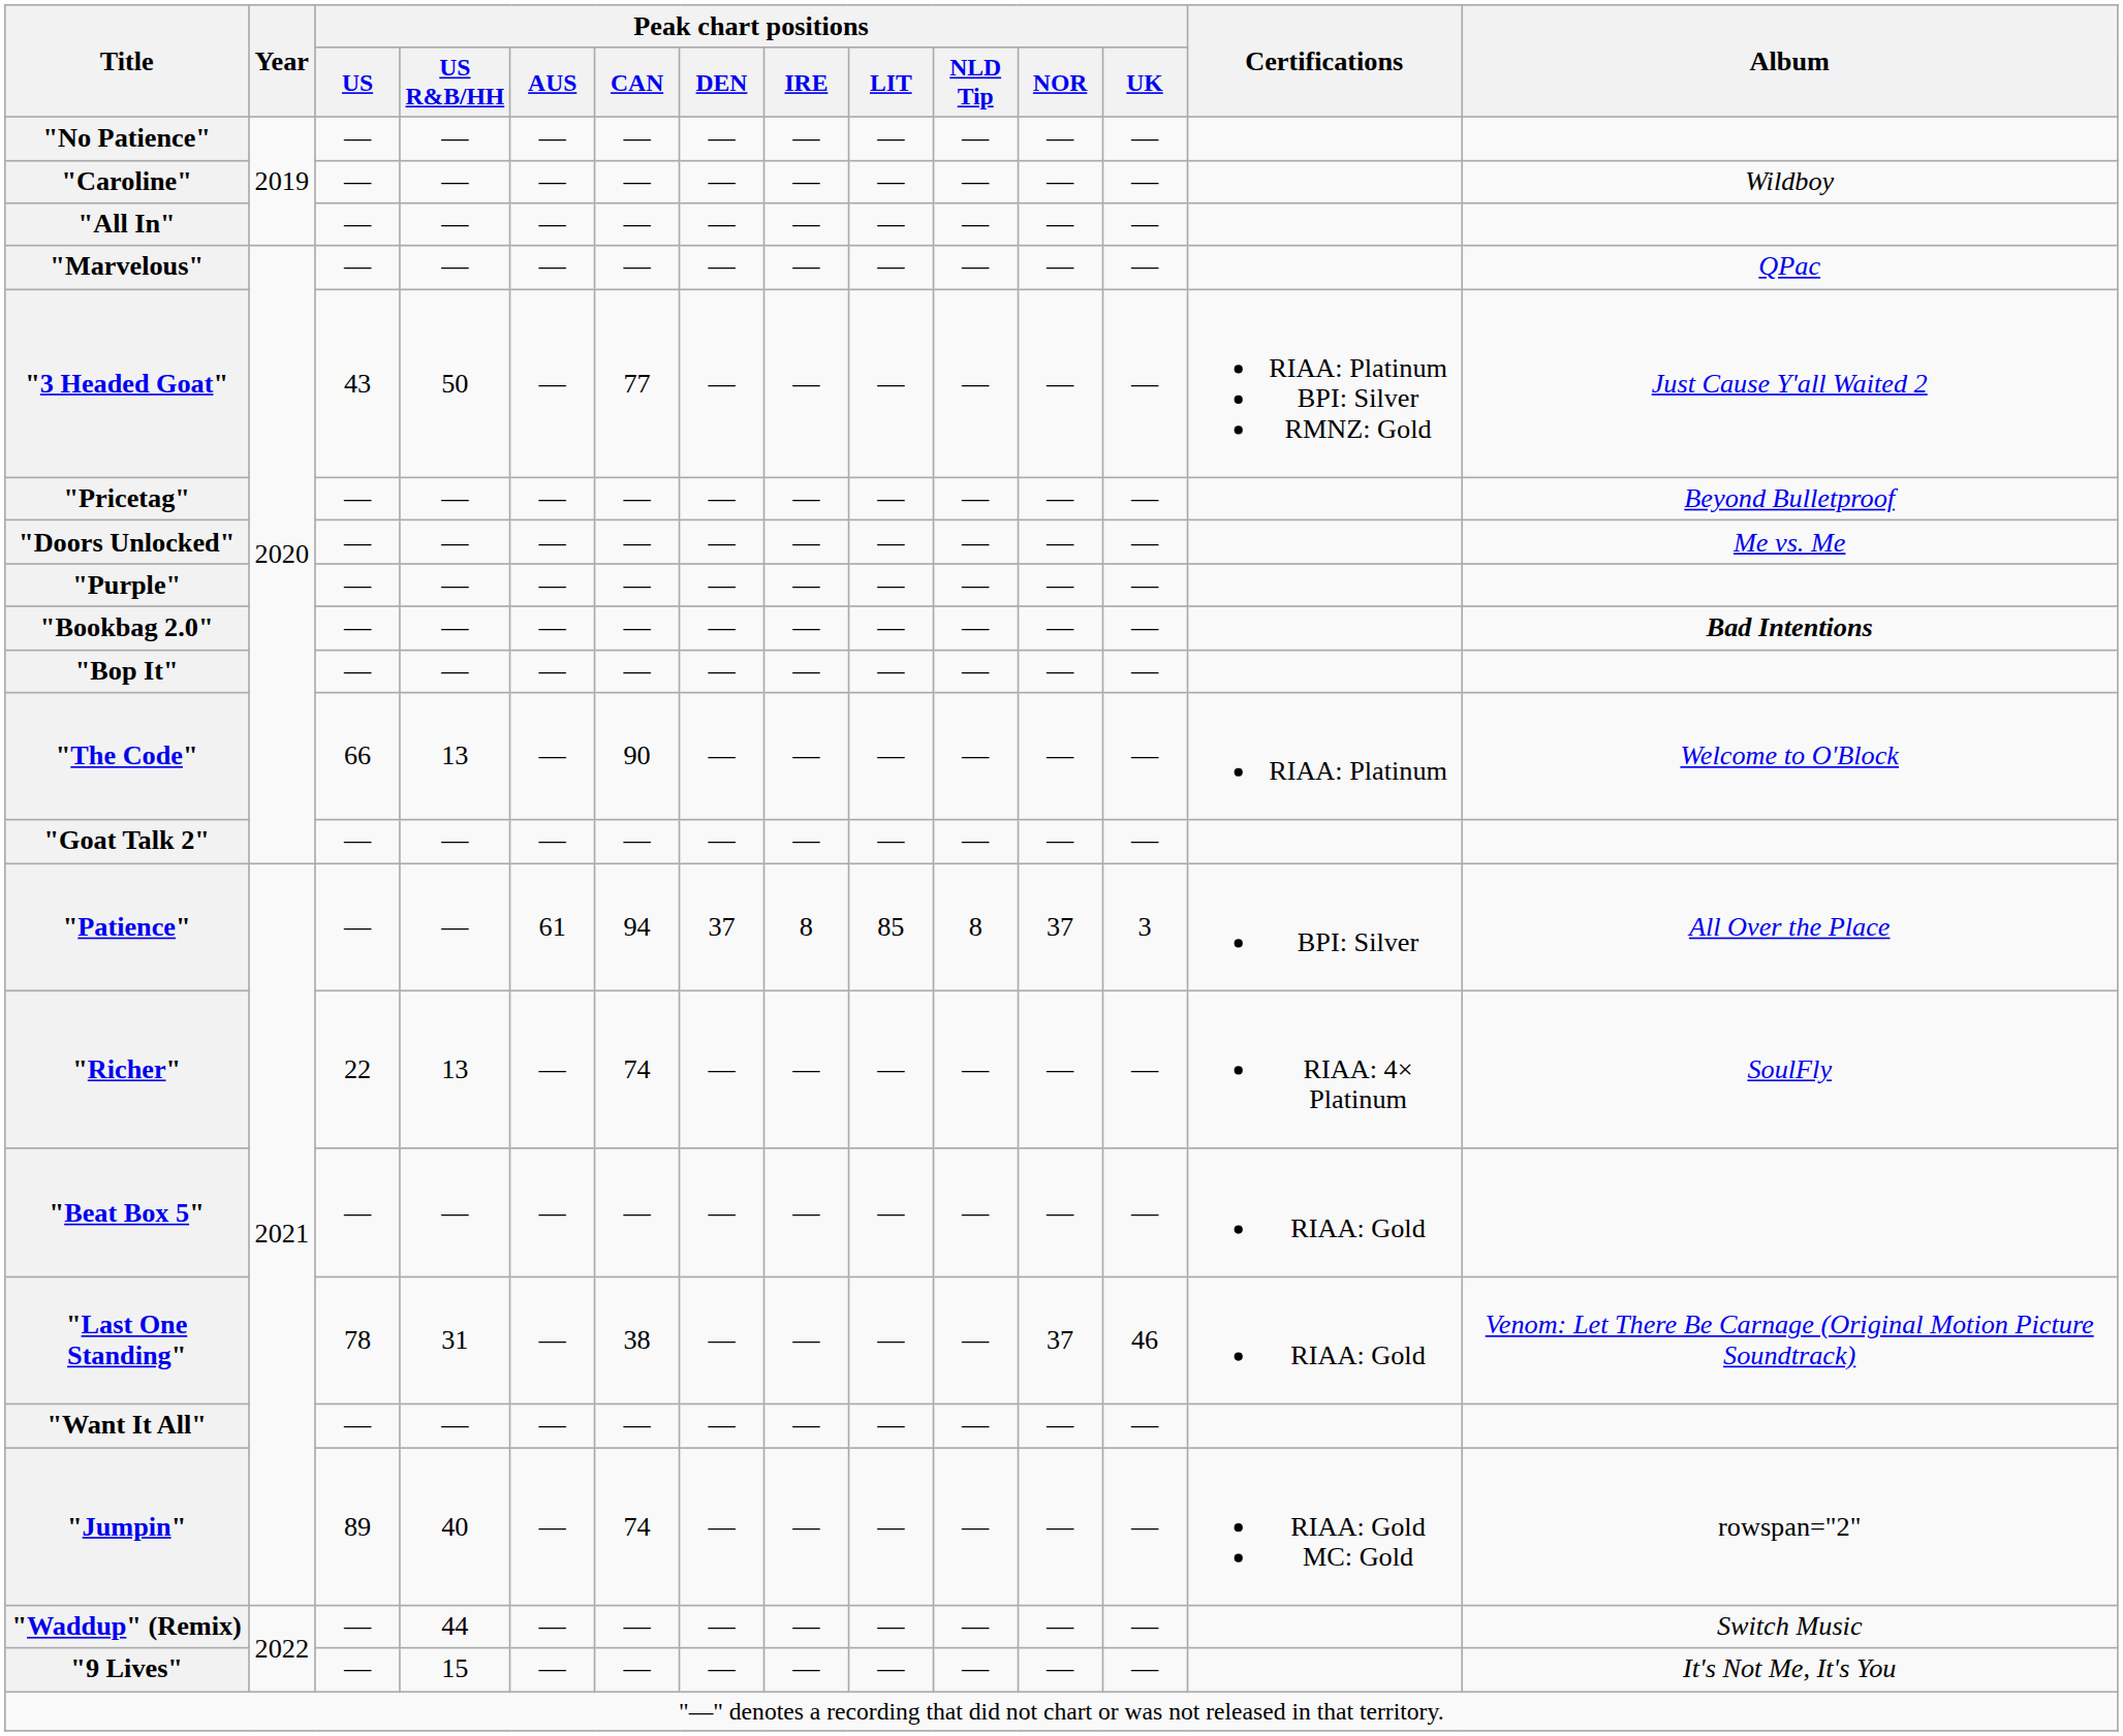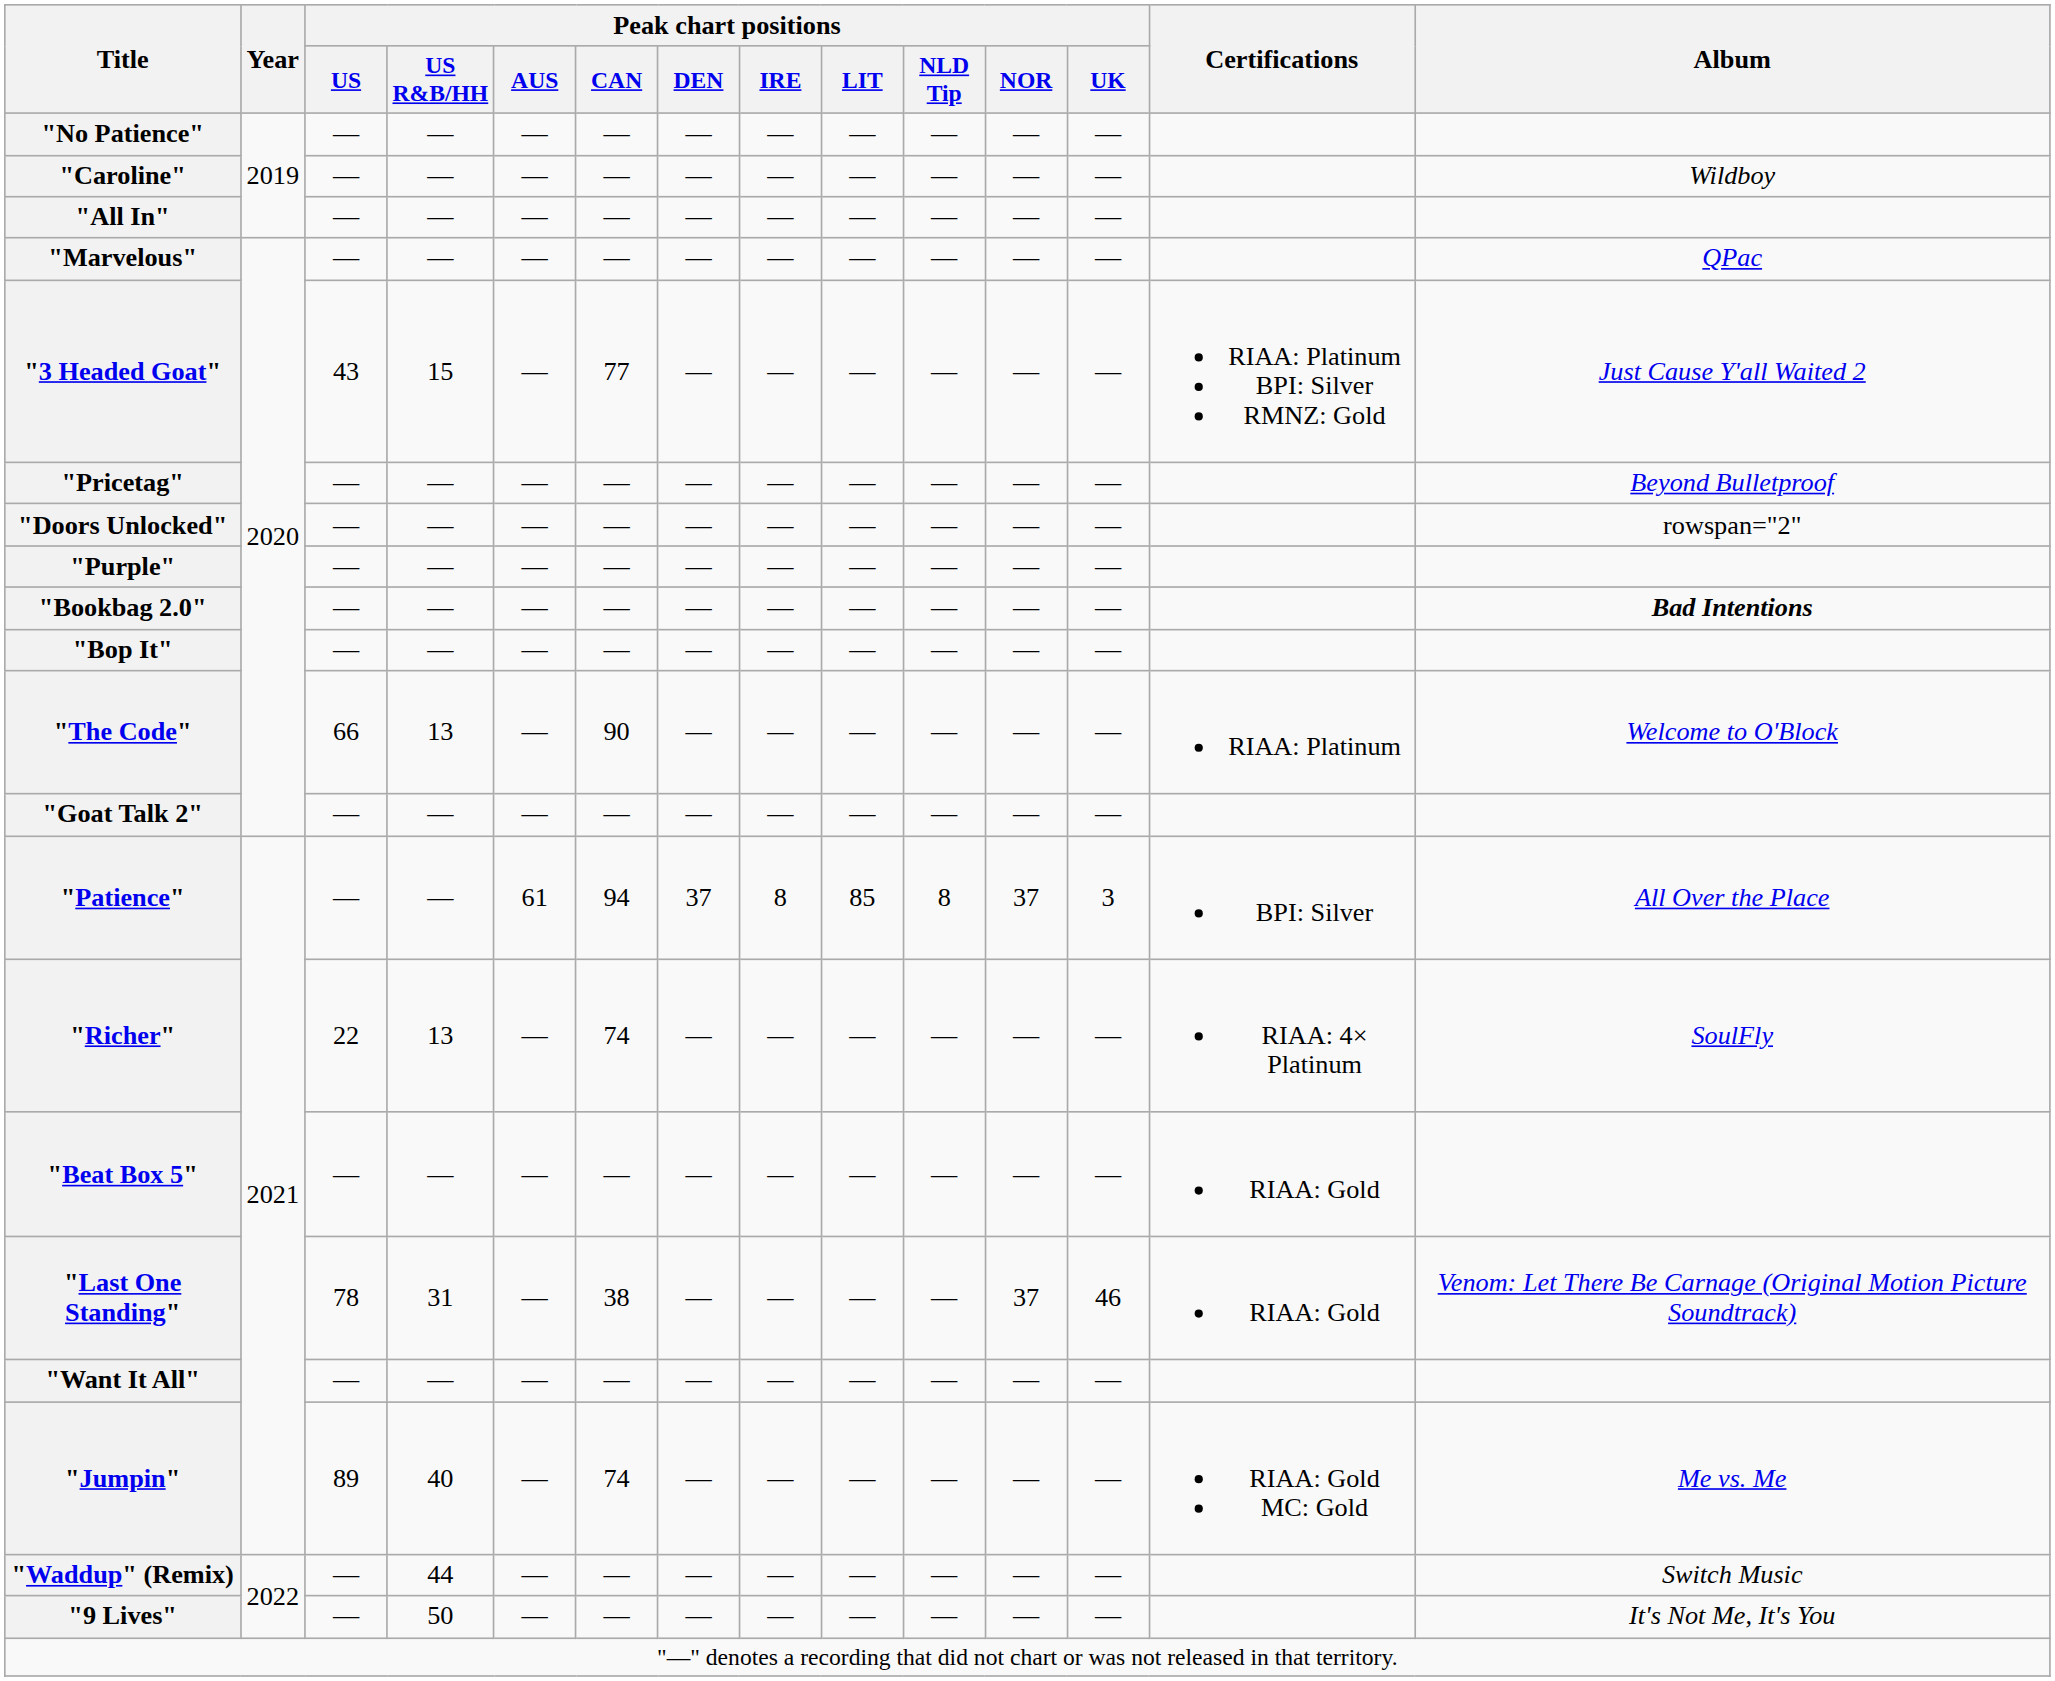 <table class="wikitable plainrowheaders" style="text-align:center;">
 <tr>
 <th scope="col" rowspan="2">Title</th>
 <th scope="col" rowspan="2">Year</th>
 <th colspan="10">Peak chart positions</th>
 <th rowspan="2">Certifications</th>
 <th scope="col" rowspan="2">Album</th>
 </tr>
 <tr>
 <th scope="col" style="width:3em;font-size:90%;"><a href='#'>US</a><br></th>
 <th scope="col" style="width:3em;font-size:90%;"><a href='#'>US<br>R&B/HH</a><br></th>
 <th scope="col" style="width:3em;font-size:90%;"><a href='#'>AUS</a><br></th>
 <th scope="col" style="width:3em;font-size:90%;"><a href='#'>CAN</a><br></th>
 <th scope="col" style="width:3em;font-size:90%;"><a href='#'>DEN</a><br></th>
 <th scope="col" style="width:3em;font-size:90%;"><a href='#'>IRE</a><br></th>
 <th scope="col" style="width:3em;font-size:90%;"><a href='#'>LIT</a><br></th>
 <th scope="col" style="width:3em;font-size:90%;"><a href='#'>NLD<br>Tip</a><br></th>
 <th scope="col" style="width:3em;font-size:90%;"><a href='#'>NOR</a><br></th>
 <th scope="col" style="width:3em;font-size:90%;"><a href='#'>UK</a><br></th>
 </tr>
 <tr>
 <th scope="row">"No Patience"<br></th>
 <td rowspan="3">2019</td>
 <td>—</td>
 <td>—</td>
 <td>—</td>
 <td>—</td>
 <td>—</td>
 <td>—</td>
 <td>—</td>
 <td>—</td>
 <td>—</td>
 <td>—</td>
 <td></td>
 <td></td>
 </tr>
 <tr>
 <th scope="row">"Caroline"<br></th>
 <td>—</td>
 <td>—</td>
 <td>—</td>
 <td>—</td>
 <td>—</td>
 <td>—</td>
 <td>—</td>
 <td>—</td>
 <td>—</td>
 <td>—</td>
 <td></td>
 <td><em>Wildboy</em></td>
 </tr>
 <tr>
 <th scope="row">"All In"<br></th>
 <td>—</td>
 <td>—</td>
 <td>—</td>
 <td>—</td>
 <td>—</td>
 <td>—</td>
 <td>—</td>
 <td>—</td>
 <td>—</td>
 <td>—</td>
 <td></td>
 <td></td>
 </tr>
 <tr>
 <th scope="row">"Marvelous"<br></th>
 <td rowspan="9">2020</td>
 <td>—</td>
 <td>—</td>
 <td>—</td>
 <td>—</td>
 <td>—</td>
 <td>—</td>
 <td>—</td>
 <td>—</td>
 <td>—</td>
 <td>—</td>
 <td></td>
 <td><em><a href='#'>QPac</a></em></td>
 </tr>
 <tr>
 <th scope="row">"<a href='#'>3 Headed Goat</a>"<br></th>
 <td>43</td>
-<td>50</td>
+<td>15</td>
 <td>—</td>
 <td>77</td>
 <td>—</td>
 <td>—</td>
 <td>—</td>
 <td>—</td>
 <td>—</td>
 <td>—</td>
 <td><br><ul><li>RIAA: Platinum</li><li>BPI: Silver</li><li>RMNZ: Gold</li></ul></td>
 <td><em><a href='#'>Just Cause Y'all Waited 2</a></em></td>
 </tr>
 <tr>
 <th scope="row">"Pricetag"<br></th>
 <td>—</td>
 <td>—</td>
 <td>—</td>
 <td>—</td>
 <td>—</td>
 <td>—</td>
 <td>—</td>
 <td>—</td>
 <td>—</td>
 <td>—</td>
 <td></td>
 <td><em><a href='#'>Beyond Bulletproof</a></em></td>
 </tr>
 <tr>
 <th scope="row">"Doors Unlocked"<br></th>
 <td>—</td>
 <td>—</td>
 <td>—</td>
 <td>—</td>
 <td>—</td>
 <td>—</td>
 <td>—</td>
 <td>—</td>
 <td>—</td>
 <td>—</td>
 <td></td>
-<td><em><a href='#'>Me vs. Me</a></em></td>
+<td>rowspan="2" </td>
 </tr>
 <tr>
 <th scope="row">"Purple"<br></th>
 <td>—</td>
 <td>—</td>
 <td>—</td>
 <td>—</td>
 <td>—</td>
 <td>—</td>
 <td>—</td>
 <td>—</td>
 <td>—</td>
 <td>—</td>
 <td></td>
 </tr>
 <tr>
 <th scope="row">"Bookbag 2.0"<br></th>
 <td>—</td>
 <td>—</td>
 <td>—</td>
 <td>—</td>
 <td>—</td>
 <td>—</td>
 <td>—</td>
 <td>—</td>
 <td>—</td>
 <td>—</td>
 <td></td>
 <td><strong><em>Bad Intentions</em></strong></td>
 </tr>
 <tr>
 <th scope="row">"Bop It"<br></th>
 <td>—</td>
 <td>—</td>
 <td>—</td>
 <td>—</td>
 <td>—</td>
 <td>—</td>
 <td>—</td>
 <td>—</td>
 <td>—</td>
 <td>—</td>
 <td></td>
 <td></td>
 </tr>
 <tr>
 <th scope="row">"<a href='#'>The Code</a>"<br></th>
 <td>66</td>
 <td>13</td>
 <td>—</td>
 <td>90</td>
 <td>—</td>
 <td>—</td>
 <td>—</td>
 <td>—</td>
 <td>—</td>
 <td>—</td>
 <td><br><ul><li>RIAA: Platinum</li></ul></td>
 <td><em><a href='#'>Welcome to O'Block</a></em></td>
 </tr>
 <tr>
 <th scope="row">"Goat Talk 2"<br></th>
 <td>—</td>
 <td>—</td>
 <td>—</td>
 <td>—</td>
 <td>—</td>
 <td>—</td>
 <td>—</td>
 <td>—</td>
 <td>—</td>
 <td>—</td>
 <td></td>
 <td></td>
 </tr>
 <tr>
 <th scope="row">"<a href='#'>Patience</a>"<br></th>
 <td rowspan="6">2021</td>
 <td>—</td>
 <td>—</td>
 <td>61</td>
 <td>94</td>
 <td>37</td>
 <td>8</td>
 <td>85</td>
 <td>8</td>
 <td>37</td>
 <td>3</td>
 <td><br><ul><li>BPI: Silver</li></ul></td>
 <td><em><a href='#'>All Over the Place</a></em></td>
 </tr>
 <tr>
 <th scope="row">"<a href='#'>Richer</a>"<br></th>
 <td>22</td>
 <td>13</td>
 <td>—</td>
 <td>74</td>
 <td>—</td>
 <td>—</td>
 <td>—</td>
 <td>—</td>
 <td>—</td>
 <td>—</td>
 <td><br><ul><li>RIAA: 4× Platinum</li></ul></td>
 <td><em><a href='#'>SoulFly</a></em></td>
 </tr>
 <tr>
 <th scope="row">"<a href='#'>Beat Box 5</a>"<br></th>
 <td>—</td>
 <td>—</td>
 <td>—</td>
 <td>—</td>
 <td>—</td>
 <td>—</td>
 <td>—</td>
 <td>—</td>
 <td>—</td>
 <td>—</td>
 <td><br><ul><li>RIAA: Gold</li></ul></td>
 <td></td>
 </tr>
 <tr>
 <th scope="row">"<a href='#'>Last One Standing</a>"<br></th>
 <td>78</td>
 <td>31</td>
 <td>—</td>
 <td>38</td>
 <td>—</td>
 <td>—</td>
 <td>—</td>
 <td>—</td>
 <td>37</td>
 <td>46</td>
 <td><br><ul><li>RIAA: Gold</li></ul></td>
 <td><em><a href='#'>Venom: Let There Be Carnage (Original Motion Picture Soundtrack)</a></em></td>
 </tr>
 <tr>
 <th scope="row">"Want It All"<br></th>
 <td>—</td>
 <td>—</td>
 <td>—</td>
 <td>—</td>
 <td>—</td>
 <td>—</td>
 <td>—</td>
 <td>—</td>
 <td>—</td>
 <td>—</td>
 <td></td>
 <td></td>
 </tr>
 <tr>
 <th scope="row">"<a href='#'>Jumpin</a>"<br></th>
 <td>89</td>
 <td>40</td>
 <td>—</td>
 <td>74</td>
 <td>—</td>
 <td>—</td>
 <td>—</td>
 <td>—</td>
 <td>—</td>
 <td>—</td>
 <td><br><ul><li>RIAA: Gold</li><li>MC: Gold</li></ul></td>
-<td>rowspan="2" </td>
+<td><em><a href='#'>Me vs. Me</a></em></td>
 </tr>
 <tr>
 <th scope="row">"<a href='#'>Waddup</a>" (Remix)<br></th>
 <td rowspan="2">2022</td>
 <td>—</td>
 <td>44</td>
 <td>—</td>
 <td>—</td>
 <td>—</td>
 <td>—</td>
 <td>—</td>
 <td>—</td>
 <td>—</td>
 <td>—</td>
 <td></td>
 <td><em>Switch Music</em></td>
 </tr>
 <tr>
 <th scope="row">"9 Lives"<br></th>
 <td>—</td>
-<td>15</td>
+<td>50</td>
 <td>—</td>
 <td>—</td>
 <td>—</td>
 <td>—</td>
 <td>—</td>
 <td>—</td>
 <td>—</td>
 <td>—</td>
 <td></td>
 <td><em>It's Not Me, It's You</em></td>
 </tr>
 <tr>
 <td colspan="14" style="font-size:90%">"—" denotes a recording that did not chart or was not released in that territory.</td>
 </tr>
 </table>
